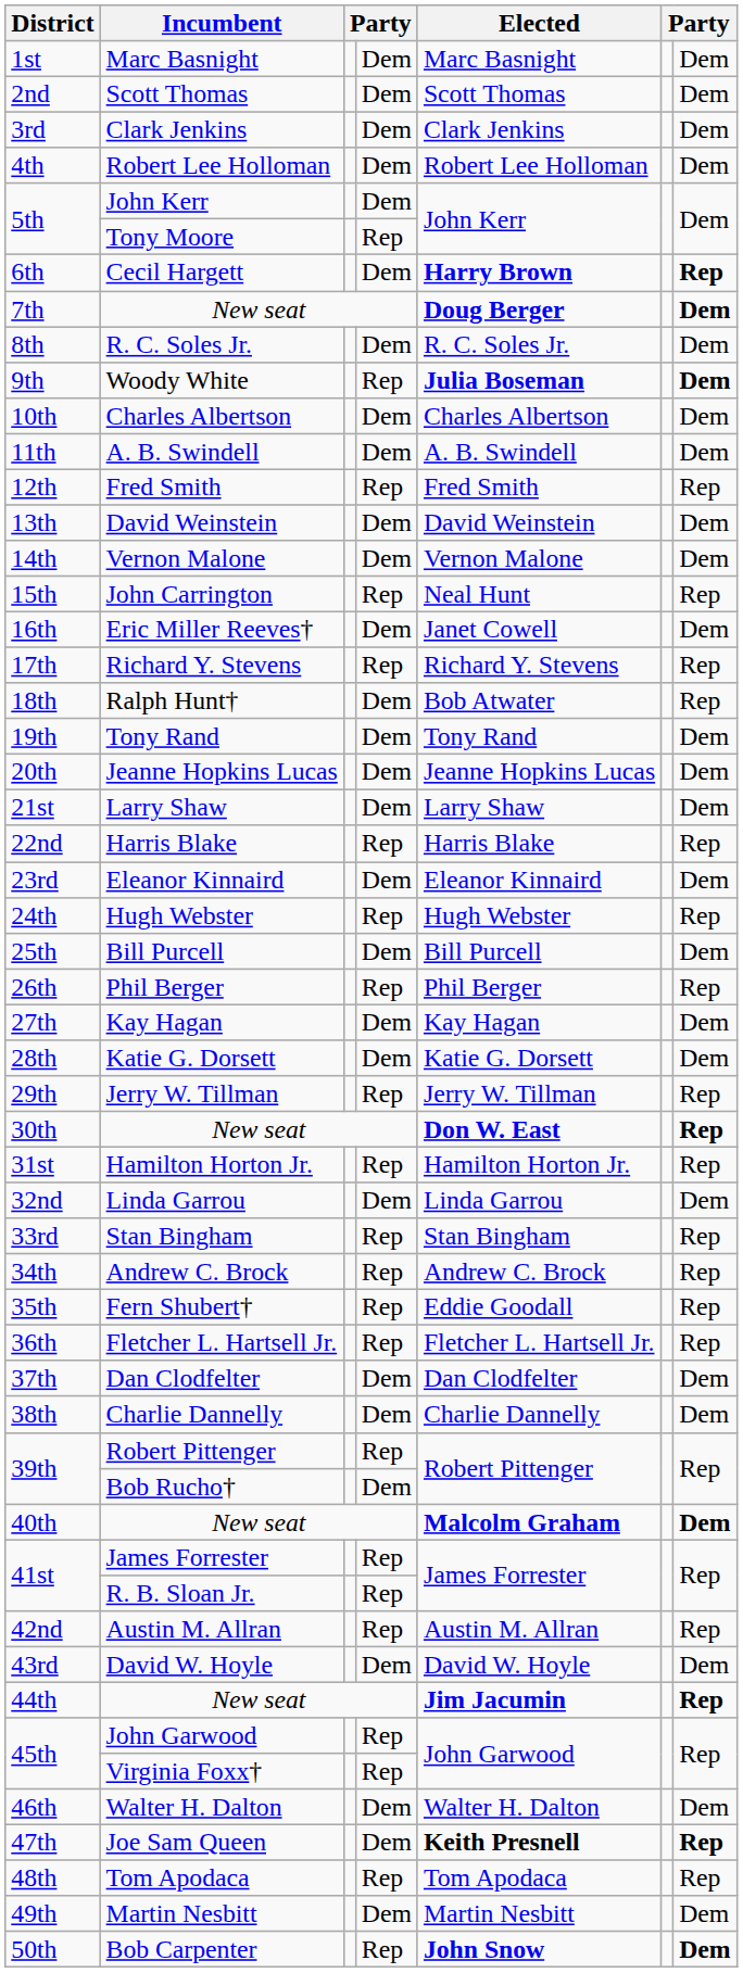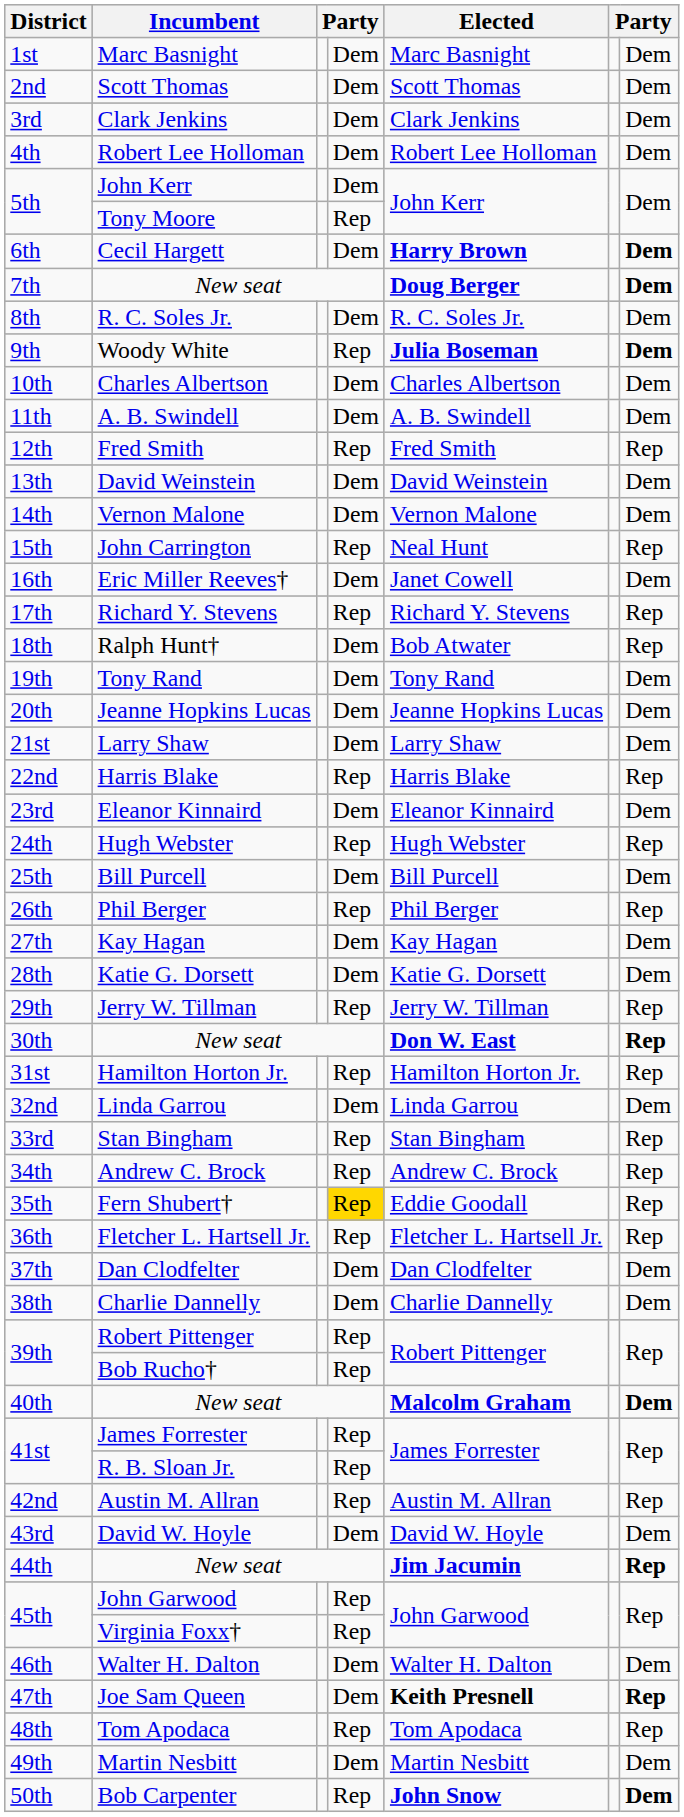 <table class="sortable wikitable" style="font-size:95%;line-height:14px;">
 <tr>
 <th class="unsortable">District</th>
 <th class="unsortable"><a href='#'>Incumbent</a></th>
 <th colspan="2">Party</th>
 <th class="unsortable">Elected</th>
 <th colspan="2">Party</th>
 </tr>
 <tr>
 <td><a href='#'>1st</a></td>
 <td><a href='#'>Marc Basnight</a></td>
 <td style="background:"></td>
 <td>Dem</td>
 <td><a href='#'>Marc Basnight</a></td>
 <td style="background:"></td>
 <td>Dem</td>
 </tr>
 <tr>
 <td><a href='#'>2nd</a></td>
 <td><a href='#'>Scott Thomas</a></td>
 <td style="background:"></td>
 <td>Dem</td>
 <td><a href='#'>Scott Thomas</a></td>
 <td style="background:"></td>
 <td>Dem</td>
 </tr>
 <tr>
 <td><a href='#'>3rd</a></td>
 <td><a href='#'>Clark Jenkins</a></td>
 <td style="background:"></td>
 <td>Dem</td>
 <td><a href='#'>Clark Jenkins</a></td>
 <td style="background:"></td>
 <td>Dem</td>
 </tr>
 <tr>
 <td><a href='#'>4th</a></td>
 <td><a href='#'>Robert Lee Holloman</a></td>
 <td style="background:"></td>
 <td>Dem</td>
 <td><a href='#'>Robert Lee Holloman</a></td>
 <td style="background:"></td>
 <td>Dem</td>
 </tr>
 <tr>
 <td rowspan=2><a href='#'>5th</a></td>
 <td><a href='#'>John Kerr</a></td>
 <td style="background:"></td>
 <td>Dem</td>
 <td rowspan=2><a href='#'>John Kerr</a></td>
 <td rowspan=2 style="background:"></td>
 <td rowspan=2>Dem</td>
 </tr>
 <tr>
 <td><a href='#'>Tony Moore</a></td>
 <td style="background:"></td>
 <td>Rep</td>
 </tr>
 <tr>
 <td><a href='#'>6th</a></td>
 <td><a href='#'>Cecil Hargett</a></td>
 <td style="background:"></td>
 <td>Dem</td>
 <td><strong><a href='#'>Harry Brown</a></strong></td>
 <td style="background:"></td>
-<td><strong>Rep</strong></td>
+<td><strong>Dem</strong></td>
 </tr>
 <tr>
 <td><a href='#'>7th</a></td>
 <td colspan=3 align=center><em>New seat</em></td>
 <td><strong><a href='#'>Doug Berger</a></strong></td>
 <td style="background:"></td>
 <td><strong>Dem</strong></td>
 </tr>
 <tr>
 <td><a href='#'>8th</a></td>
 <td><a href='#'>R. C. Soles Jr.</a></td>
 <td style="background:"></td>
 <td>Dem</td>
 <td><a href='#'>R. C. Soles Jr.</a></td>
 <td style="background:"></td>
 <td>Dem</td>
 </tr>
 <tr>
 <td><a href='#'>9th</a></td>
 <td>Woody White</td>
 <td style="background:"></td>
 <td>Rep</td>
 <td><strong><a href='#'>Julia Boseman</a></strong></td>
 <td style="background:"></td>
 <td><strong>Dem</strong></td>
 </tr>
 <tr>
 <td><a href='#'>10th</a></td>
 <td><a href='#'>Charles Albertson</a></td>
 <td style="background:"></td>
 <td>Dem</td>
 <td><a href='#'>Charles Albertson</a></td>
 <td style="background:"></td>
 <td>Dem</td>
 </tr>
 <tr>
 <td><a href='#'>11th</a></td>
 <td><a href='#'>A. B. Swindell</a></td>
 <td style="background:"></td>
 <td>Dem</td>
 <td><a href='#'>A. B. Swindell</a></td>
 <td style="background:"></td>
 <td>Dem</td>
 </tr>
 <tr>
 <td><a href='#'>12th</a></td>
 <td><a href='#'>Fred Smith</a></td>
 <td style="background:"></td>
 <td>Rep</td>
 <td><a href='#'>Fred Smith</a></td>
 <td style="background:"></td>
 <td>Rep</td>
 </tr>
 <tr>
 <td><a href='#'>13th</a></td>
 <td><a href='#'>David Weinstein</a></td>
 <td style="background:"></td>
 <td>Dem</td>
 <td><a href='#'>David Weinstein</a></td>
 <td style="background:"></td>
 <td>Dem</td>
 </tr>
 <tr>
 <td><a href='#'>14th</a></td>
 <td><a href='#'>Vernon Malone</a></td>
 <td style="background:"></td>
 <td>Dem</td>
 <td><a href='#'>Vernon Malone</a></td>
 <td style="background:"></td>
 <td>Dem</td>
 </tr>
 <tr>
 <td><a href='#'>15th</a></td>
 <td><a href='#'>John Carrington</a></td>
 <td style="background:"></td>
 <td>Rep</td>
 <td><a href='#'>Neal Hunt</a></td>
 <td style="background:"></td>
 <td>Rep</td>
 </tr>
 <tr>
 <td><a href='#'>16th</a></td>
 <td><a href='#'>Eric Miller Reeves</a>†</td>
 <td style="background:"></td>
 <td>Dem</td>
 <td><a href='#'>Janet Cowell</a></td>
 <td style="background:"></td>
 <td>Dem</td>
 </tr>
 <tr>
 <td><a href='#'>17th</a></td>
 <td><a href='#'>Richard Y. Stevens</a></td>
 <td style="background:"></td>
 <td>Rep</td>
 <td><a href='#'>Richard Y. Stevens</a></td>
 <td style="background:"></td>
 <td>Rep</td>
 </tr>
 <tr>
 <td><a href='#'>18th</a></td>
 <td>Ralph Hunt†</td>
 <td style="background:"></td>
 <td>Dem</td>
 <td><a href='#'>Bob Atwater</a></td>
 <td style="background:"></td>
 <td>Rep</td>
 </tr>
 <tr>
 <td><a href='#'>19th</a></td>
 <td><a href='#'>Tony Rand</a></td>
 <td style="background:"></td>
 <td>Dem</td>
 <td><a href='#'>Tony Rand</a></td>
 <td style="background:"></td>
 <td>Dem</td>
 </tr>
 <tr>
 <td><a href='#'>20th</a></td>
 <td><a href='#'>Jeanne Hopkins Lucas</a></td>
 <td style="background:"></td>
 <td>Dem</td>
 <td><a href='#'>Jeanne Hopkins Lucas</a></td>
 <td style="background:"></td>
 <td>Dem</td>
 </tr>
 <tr>
 <td><a href='#'>21st</a></td>
 <td><a href='#'>Larry Shaw</a></td>
 <td style="background:"></td>
 <td>Dem</td>
 <td><a href='#'>Larry Shaw</a></td>
 <td style="background:"></td>
 <td>Dem</td>
 </tr>
 <tr>
 <td><a href='#'>22nd</a></td>
 <td><a href='#'>Harris Blake</a></td>
 <td style="background:"></td>
 <td>Rep</td>
 <td><a href='#'>Harris Blake</a></td>
 <td style="background:"></td>
 <td>Rep</td>
 </tr>
 <tr>
 <td><a href='#'>23rd</a></td>
 <td><a href='#'>Eleanor Kinnaird</a></td>
 <td style="background:"></td>
 <td>Dem</td>
 <td><a href='#'>Eleanor Kinnaird</a></td>
 <td style="background:"></td>
 <td>Dem</td>
 </tr>
 <tr>
 <td><a href='#'>24th</a></td>
 <td><a href='#'>Hugh Webster</a></td>
 <td style="background:"></td>
 <td>Rep</td>
 <td><a href='#'>Hugh Webster</a></td>
 <td style="background:"></td>
 <td>Rep</td>
 </tr>
 <tr>
 <td><a href='#'>25th</a></td>
 <td><a href='#'>Bill Purcell</a></td>
 <td style="background:"></td>
 <td>Dem</td>
 <td><a href='#'>Bill Purcell</a></td>
 <td style="background:"></td>
 <td>Dem</td>
 </tr>
 <tr>
 <td><a href='#'>26th</a></td>
 <td><a href='#'>Phil Berger</a></td>
 <td style="background:"></td>
 <td>Rep</td>
 <td><a href='#'>Phil Berger</a></td>
 <td style="background:"></td>
 <td>Rep</td>
 </tr>
 <tr>
 <td><a href='#'>27th</a></td>
 <td><a href='#'>Kay Hagan</a></td>
 <td style="background:"></td>
 <td>Dem</td>
 <td><a href='#'>Kay Hagan</a></td>
 <td style="background:"></td>
 <td>Dem</td>
 </tr>
 <tr>
 <td><a href='#'>28th</a></td>
 <td><a href='#'>Katie G. Dorsett</a></td>
 <td style="background:"></td>
 <td>Dem</td>
 <td><a href='#'>Katie G. Dorsett</a></td>
 <td style="background:"></td>
 <td>Dem</td>
 </tr>
 <tr>
 <td><a href='#'>29th</a></td>
 <td><a href='#'>Jerry W. Tillman</a></td>
 <td style="background:"></td>
 <td>Rep</td>
 <td><a href='#'>Jerry W. Tillman</a></td>
 <td style="background:"></td>
 <td>Rep</td>
 </tr>
 <tr>
 <td><a href='#'>30th</a></td>
 <td colspan=3 align=center><em>New seat</em></td>
 <td><strong><a href='#'>Don W. East</a></strong></td>
 <td style="background:"></td>
 <td><strong>Rep</strong></td>
 </tr>
 <tr>
 <td><a href='#'>31st</a></td>
 <td><a href='#'>Hamilton Horton Jr.</a></td>
 <td style="background:"></td>
 <td>Rep</td>
 <td><a href='#'>Hamilton Horton Jr.</a></td>
 <td style="background:"></td>
 <td>Rep</td>
 </tr>
 <tr>
 <td><a href='#'>32nd</a></td>
 <td><a href='#'>Linda Garrou</a></td>
 <td style="background:"></td>
 <td>Dem</td>
 <td><a href='#'>Linda Garrou</a></td>
 <td style="background:"></td>
 <td>Dem</td>
 </tr>
 <tr>
 <td><a href='#'>33rd</a></td>
 <td><a href='#'>Stan Bingham</a></td>
 <td style="background:"></td>
 <td>Rep</td>
 <td><a href='#'>Stan Bingham</a></td>
 <td style="background:"></td>
 <td>Rep</td>
 </tr>
 <tr>
 <td><a href='#'>34th</a></td>
 <td><a href='#'>Andrew C. Brock</a></td>
 <td style="background:"></td>
 <td>Rep</td>
 <td><a href='#'>Andrew C. Brock</a></td>
 <td style="background:"></td>
 <td>Rep</td>
 </tr>
 <tr>
 <td><a href='#'>35th</a></td>
 <td><a href='#'>Fern Shubert</a>†</td>
 <td style="background:"></td>
-<td>Rep</td>
+<td style="background: gold;">Rep</td>
 <td><a href='#'>Eddie Goodall</a></td>
 <td style="background:"></td>
 <td>Rep</td>
 </tr>
 <tr>
 <td><a href='#'>36th</a></td>
 <td><a href='#'>Fletcher L. Hartsell Jr.</a></td>
 <td style="background:"></td>
 <td>Rep</td>
 <td><a href='#'>Fletcher L. Hartsell Jr.</a></td>
 <td style="background:"></td>
 <td>Rep</td>
 </tr>
 <tr>
 <td><a href='#'>37th</a></td>
 <td><a href='#'>Dan Clodfelter</a></td>
 <td style="background:"></td>
 <td>Dem</td>
 <td><a href='#'>Dan Clodfelter</a></td>
 <td style="background:"></td>
 <td>Dem</td>
 </tr>
 <tr>
 <td><a href='#'>38th</a></td>
 <td><a href='#'>Charlie Dannelly</a></td>
 <td style="background:"></td>
 <td>Dem</td>
 <td><a href='#'>Charlie Dannelly</a></td>
 <td style="background:"></td>
 <td>Dem</td>
 </tr>
 <tr>
 <td rowspan=2><a href='#'>39th</a></td>
 <td><a href='#'>Robert Pittenger</a></td>
 <td style="background:"></td>
 <td>Rep</td>
 <td rowspan=2><a href='#'>Robert Pittenger</a></td>
 <td rowspan=2 style="background:"></td>
 <td rowspan=2>Rep</td>
 </tr>
 <tr>
 <td><a href='#'>Bob Rucho</a>†</td>
 <td style="background:"></td>
-<td>Dem</td>
+<td>Rep</td>
 </tr>
 <tr>
 <td><a href='#'>40th</a></td>
 <td colspan=3 align=center><em>New seat</em></td>
 <td><strong><a href='#'>Malcolm Graham</a></strong></td>
 <td style="background:"></td>
 <td><strong>Dem</strong></td>
 </tr>
 <tr>
 <td rowspan=2><a href='#'>41st</a></td>
 <td><a href='#'>James Forrester</a></td>
 <td style="background:"></td>
 <td>Rep</td>
 <td rowspan=2><a href='#'>James Forrester</a></td>
 <td rowspan=2 style="background:"></td>
 <td rowspan=2>Rep</td>
 </tr>
 <tr>
 <td><a href='#'>R. B. Sloan Jr.</a></td>
 <td style="background:"></td>
 <td>Rep</td>
 </tr>
 <tr>
 <td><a href='#'>42nd</a></td>
 <td><a href='#'>Austin M. Allran</a></td>
 <td style="background:"></td>
 <td>Rep</td>
 <td><a href='#'>Austin M. Allran</a></td>
 <td style="background:"></td>
 <td>Rep</td>
 </tr>
 <tr>
 <td><a href='#'>43rd</a></td>
 <td><a href='#'>David W. Hoyle</a></td>
 <td style="background:"></td>
 <td>Dem</td>
 <td><a href='#'>David W. Hoyle</a></td>
 <td style="background:"></td>
 <td>Dem</td>
 </tr>
 <tr>
 <td><a href='#'>44th</a></td>
 <td colspan=3 align=center><em>New seat</em></td>
 <td><strong><a href='#'>Jim Jacumin</a></strong></td>
 <td style="background:"></td>
 <td><strong>Rep</strong></td>
 </tr>
 <tr>
 <td rowspan=2><a href='#'>45th</a></td>
 <td><a href='#'>John Garwood</a></td>
 <td style="background:"></td>
 <td>Rep</td>
 <td rowspan=2><a href='#'>John Garwood</a></td>
 <td rowspan=2 style="background:"></td>
 <td rowspan=2>Rep</td>
 </tr>
 <tr>
 <td><a href='#'>Virginia Foxx</a>†</td>
 <td style="background:"></td>
 <td>Rep</td>
 </tr>
 <tr>
 <td><a href='#'>46th</a></td>
 <td><a href='#'>Walter H. Dalton</a></td>
 <td style="background:"></td>
 <td>Dem</td>
 <td><a href='#'>Walter H. Dalton</a></td>
 <td style="background:"></td>
 <td>Dem</td>
 </tr>
 <tr>
 <td><a href='#'>47th</a></td>
 <td><a href='#'>Joe Sam Queen</a></td>
 <td style="background:"></td>
 <td>Dem</td>
 <td><strong>Keith Presnell</strong></td>
 <td style="background:"></td>
 <td><strong>Rep</strong></td>
 </tr>
 <tr>
 <td><a href='#'>48th</a></td>
 <td><a href='#'>Tom Apodaca</a></td>
 <td style="background:"></td>
 <td>Rep</td>
 <td><a href='#'>Tom Apodaca</a></td>
 <td style="background:"></td>
 <td>Rep</td>
 </tr>
 <tr>
 <td><a href='#'>49th</a></td>
 <td><a href='#'>Martin Nesbitt</a></td>
 <td style="background:"></td>
 <td>Dem</td>
 <td><a href='#'>Martin Nesbitt</a></td>
 <td style="background:"></td>
 <td>Dem</td>
 </tr>
 <tr>
 <td><a href='#'>50th</a></td>
 <td><a href='#'>Bob Carpenter</a></td>
 <td style="background:"></td>
 <td>Rep</td>
 <td><strong><a href='#'>John Snow</a></strong></td>
 <td style="background:"></td>
 <td><strong>Dem</strong></td>
 </tr>
 </table>
